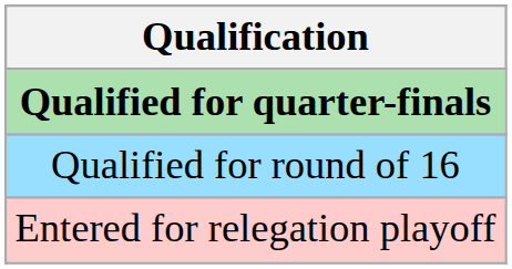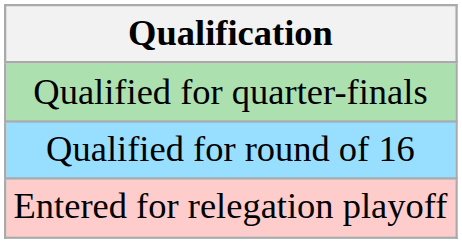 <table class="wikitable" style="text-align:center">
 <tr>
 <th>Qualification</th>
 </tr>
 <tr style="background: #ACE1AF;">
-<td><strong>Qualified for quarter-finals</strong></td>
+<td>Qualified for quarter-finals</td>
 </tr>
 <tr style="background: #97DEFF;">
 <td>Qualified for round of 16</td>
 </tr>
 <tr style="background:#FFCCCC">
 <td>Entered for relegation playoff</td>
 </tr>
 </table>
